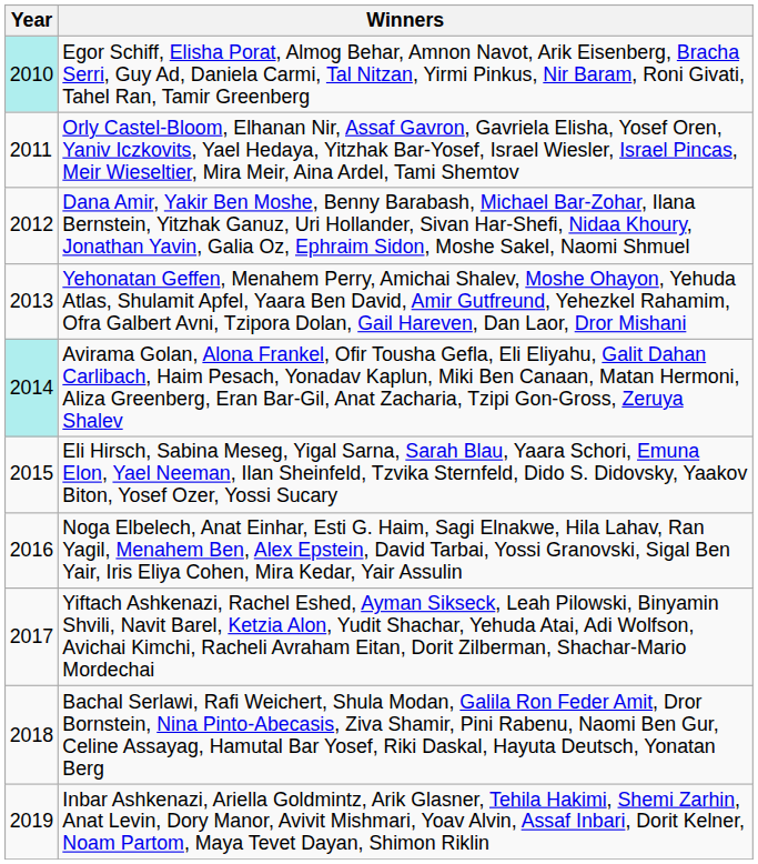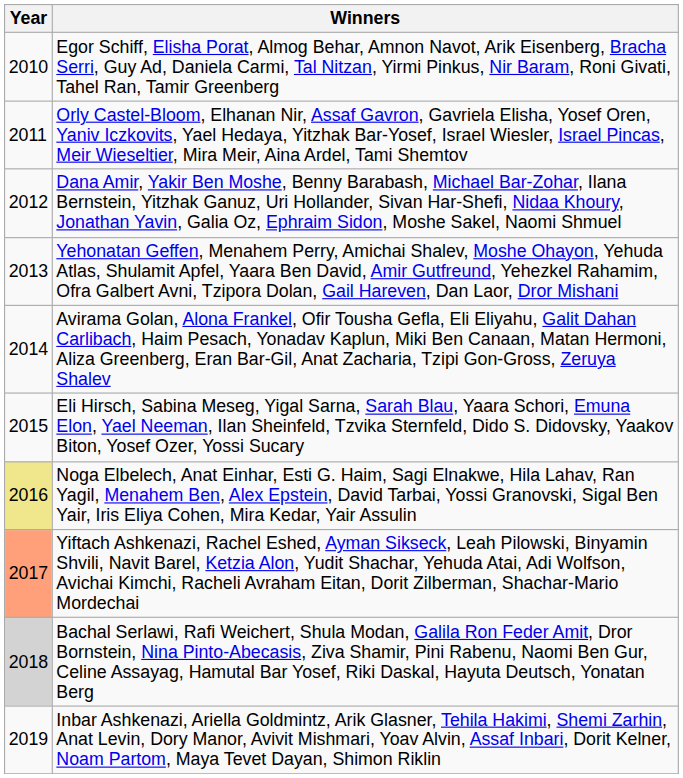 <table class="wikitable">
 <tr>
 <th>Year</th>
 <th>Winners</th>
 </tr>
 <tr>
-<td style="background: paleturquoise;">2010</td>
+<td>2010</td>
 <td>Egor Schiff, <a href='#'>Elisha Porat</a>, Almog Behar, Amnon Navot, Arik Eisenberg, <a href='#'>Bracha Serri</a>, Guy Ad, Daniela Carmi, <a href='#'>Tal Nitzan</a>, Yirmi Pinkus, <a href='#'>Nir Baram</a>, Roni Givati, Tahel Ran, Tamir Greenberg</td>
 </tr>
 <tr>
 <td>2011</td>
 <td><a href='#'>Orly Castel-Bloom</a>, Elhanan Nir, <a href='#'>Assaf Gavron</a>, Gavriela Elisha, Yosef Oren, <a href='#'>Yaniv Iczkovits</a>, Yael Hedaya, Yitzhak Bar-Yosef, Israel Wiesler, <a href='#'>Israel Pincas</a>, <a href='#'>Meir Wieseltier</a>, Mira Meir, Aina Ardel, Tami Shemtov</td>
 </tr>
 <tr>
 <td>2012</td>
 <td><a href='#'>Dana Amir</a>, <a href='#'>Yakir Ben Moshe</a>, Benny Barabash, <a href='#'>Michael Bar-Zohar</a>, Ilana Bernstein, Yitzhak Ganuz, Uri Hollander, Sivan Har-Shefi, <a href='#'>Nidaa Khoury</a>, <a href='#'>Jonathan Yavin</a>, Galia Oz, <a href='#'>Ephraim Sidon</a>, Moshe Sakel, Naomi Shmuel</td>
 </tr>
 <tr>
 <td>2013</td>
 <td><a href='#'>Yehonatan Geffen</a>, Menahem Perry, Amichai Shalev, <a href='#'>Moshe Ohayon</a>, Yehuda Atlas, Shulamit Apfel, Yaara Ben David, <a href='#'>Amir Gutfreund</a>, Yehezkel Rahamim, Ofra Galbert Avni, Tzipora Dolan, <a href='#'>Gail Hareven</a>, Dan Laor, <a href='#'>Dror Mishani</a></td>
 </tr>
 <tr>
-<td style="background: paleturquoise;">2014</td>
+<td>2014</td>
 <td>Avirama Golan, <a href='#'>Alona Frankel</a>, Ofir Tousha Gefla, Eli Eliyahu, <a href='#'>Galit Dahan Carlibach</a>, Haim Pesach, Yonadav Kaplun, Miki Ben Canaan, Matan Hermoni, Aliza Greenberg, Eran Bar-Gil, Anat Zacharia, Tzipi Gon-Gross, <a href='#'>Zeruya Shalev</a></td>
 </tr>
 <tr>
 <td>2015</td>
 <td>Eli Hirsch, Sabina Meseg, Yigal Sarna, <a href='#'>Sarah Blau</a>, Yaara Schori, <a href='#'>Emuna Elon</a>, <a href='#'>Yael Neeman</a>, Ilan Sheinfeld, Tzvika Sternfeld, Dido S. Didovsky, Yaakov Biton, Yosef Ozer, Yossi Sucary</td>
 </tr>
 <tr>
-<td>2016</td>
+<td style="background: khaki;">2016</td>
 <td>Noga Elbelech, Anat Einhar, Esti G. Haim, Sagi Elnakwe, Hila Lahav, Ran Yagil, <a href='#'>Menahem Ben</a>, <a href='#'>Alex Epstein</a>, David Tarbai, Yossi Granovski, Sigal Ben Yair, Iris Eliya Cohen, Mira Kedar, Yair Assulin</td>
 </tr>
 <tr>
-<td>2017</td>
+<td style="background: lightsalmon;">2017</td>
 <td>Yiftach Ashkenazi, Rachel Eshed, <a href='#'>Ayman Sikseck</a>, Leah Pilowski, Binyamin Shvili, Navit Barel, <a href='#'>Ketzia Alon</a>, Yudit Shachar, Yehuda Atai, Adi Wolfson, Avichai Kimchi, Racheli Avraham Eitan, Dorit Zilberman, Shachar-Mario Mordechai</td>
 </tr>
 <tr>
-<td>2018</td>
+<td style="background: lightgrey;">2018</td>
 <td>Bachal Serlawi, Rafi Weichert, Shula Modan, <a href='#'>Galila Ron Feder Amit</a>, Dror Bornstein, <a href='#'>Nina Pinto-Abecasis</a>, Ziva Shamir, Pini Rabenu, Naomi Ben Gur, Celine Assayag, Hamutal Bar Yosef, Riki Daskal, Hayuta Deutsch, Yonatan Berg</td>
 </tr>
 <tr>
 <td>2019</td>
 <td>Inbar Ashkenazi, Ariella Goldmintz, Arik Glasner, <a href='#'>Tehila Hakimi</a>, <a href='#'>Shemi Zarhin</a>, Anat Levin, Dory Manor, Avivit Mishmari, Yoav Alvin, <a href='#'>Assaf Inbari</a>, Dorit Kelner, <a href='#'>Noam Partom</a>, Maya Tevet Dayan, Shimon Riklin</td>
 </tr>
 </table>
